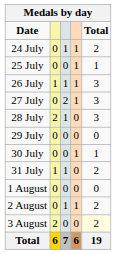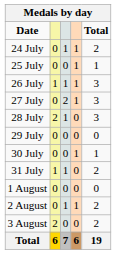 <table class="wikitable" style="font-size:100%; float:right">
 <tr align=center>
 <th colspan=7>Medals by day</th>
 </tr>
 <tr align=center>
 <td><strong>Date</strong></td>
 <td bgcolor=#f7f6a8></td>
 <td bgcolor=#dce5e5></td>
 <td bgcolor=#ffdab9></td>
 <td><strong>Total</strong></td>
 </tr>
 <tr align=center>
 <td>24 July</td>
 <td style="background:#f7f6a8;">0</td>
 <td style="background:#dce5e5;">1</td>
 <td style="background:#ffdab9;">1</td>
 <td>2</td>
 </tr>
 <tr align=center>
 <td>25 July</td>
 <td style="background:#f7f6a8;">0</td>
 <td style="background:#dce5e5;">0</td>
 <td style="background:#ffdab9;">1</td>
 <td>1</td>
 </tr>
 <tr align=center>
 <td>26 July</td>
 <td style="background:#f7f6a8;">1</td>
 <td style="background:#dce5e5;">1</td>
 <td style="background:#ffdab9;">1</td>
 <td>3</td>
 </tr>
 <tr align=center>
 <td>27 July</td>
 <td style="background:#f7f6a8;">0</td>
 <td style="background:#dce5e5;">2</td>
 <td style="background:#ffdab9;">1</td>
 <td>3</td>
 </tr>
 <tr align=center>
 <td>28 July</td>
 <td style="background:#f7f6a8;">2</td>
 <td style="background:#dce5e5;">1</td>
 <td style="background:#ffdab9;">0</td>
 <td>3</td>
 </tr>
 <tr align=center>
 <td>29 July</td>
 <td style="background:#f7f6a8;">0</td>
 <td style="background:#dce5e5;">0</td>
 <td style="background:#ffdab9;">0</td>
 <td>0</td>
 </tr>
 <tr align=center>
 <td>30 July</td>
 <td style="background:#f7f6a8;">0</td>
 <td style="background:#dce5e5;">0</td>
 <td style="background:#ffdab9;">1</td>
 <td>1</td>
 </tr>
 <tr align=center>
 <td>31 July</td>
 <td style="background:#f7f6a8;">1</td>
 <td style="background:#dce5e5;">1</td>
 <td style="background:#ffdab9;">0</td>
 <td>2</td>
 </tr>
 <tr align=center>
 <td>1 August</td>
 <td style="background:#f7f6a8;">0</td>
 <td style="background:#dce5e5;">0</td>
 <td style="background:#ffdab9;">0</td>
 <td>0</td>
 </tr>
 <tr align=center>
 <td>2 August</td>
 <td style="background:#f7f6a8;">0</td>
 <td style="background:#dce5e5;">1</td>
 <td style="background:#ffdab9;">1</td>
 <td>2</td>
 </tr>
 <tr align=center>
 <td>3 August</td>
 <td style="background:#f7f6a8;">2</td>
 <td style="background:#dce5e5;">0</td>
 <td style="background:#ffdab9;">0</td>
-<td style="background: lightyellow;">2</td>
+<td>2</td>
 </tr>
 <tr align=center>
 <th>Total</th>
 <th style="background:gold;">6</th>
 <th style="background:silver;">7</th>
 <th style="background:#c96;">6</th>
 <th>19</th>
 </tr>
 </table>
